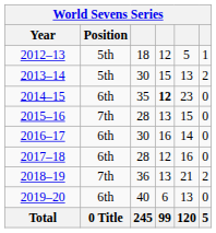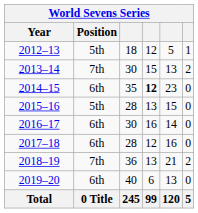 <table class="wikitable" style="text-align: center;">
 <tr>
 <th colspan=10><a href='#'>World Sevens Series</a></th>
 </tr>
 <tr>
 <th style="width:5.5em;">Year</th>
 <th>Position</th>
 <th></th>
 <th></th>
 <th></th>
 <th></th>
 </tr>
 <tr>
 <td><a href='#'>2012–13</a></td>
 <td>5th</td>
 <td>18</td>
 <td>12</td>
 <td>5</td>
 <td>1</td>
 </tr>
 <tr>
 <td><a href='#'>2013–14</a></td>
-<td>5th</td>
+<td>7th</td>
 <td>30</td>
 <td>15</td>
 <td>13</td>
 <td>2</td>
 </tr>
 <tr>
 <td><a href='#'>2014–15</a></td>
 <td>6th</td>
 <td>35</td>
 <td><strong>12</strong></td>
 <td>23</td>
 <td>0</td>
 </tr>
 <tr>
 <td><a href='#'>2015–16</a></td>
-<td>7th</td>
+<td>5th</td>
 <td>28</td>
 <td>13</td>
 <td>15</td>
 <td>0</td>
 </tr>
 <tr>
 <td><a href='#'>2016–17</a></td>
 <td>6th</td>
 <td>30</td>
 <td>16</td>
 <td>14</td>
 <td>0</td>
 </tr>
 <tr>
 <td><a href='#'>2017–18</a></td>
 <td>6th</td>
 <td>28</td>
 <td>12</td>
 <td>16</td>
 <td>0</td>
 </tr>
 <tr>
 <td><a href='#'>2018–19</a></td>
 <td>7th</td>
 <td>36</td>
 <td>13</td>
 <td>21</td>
 <td>2</td>
 </tr>
 <tr>
 <td><a href='#'>2019–20</a></td>
 <td>6th</td>
 <td>40</td>
 <td>6</td>
 <td>13</td>
 <td>0</td>
 </tr>
 <tr>
 <th>Total</th>
 <th>0 Title</th>
 <th>245</th>
 <th>99</th>
 <th>120</th>
 <th>5</th>
 </tr>
 </table>
